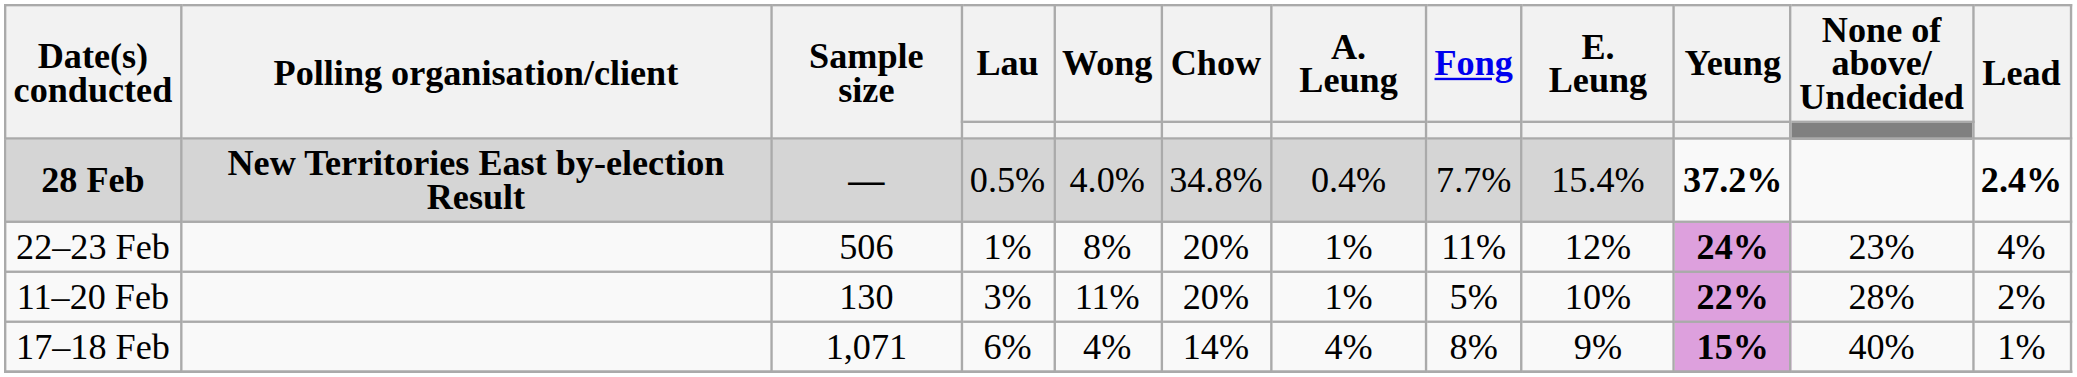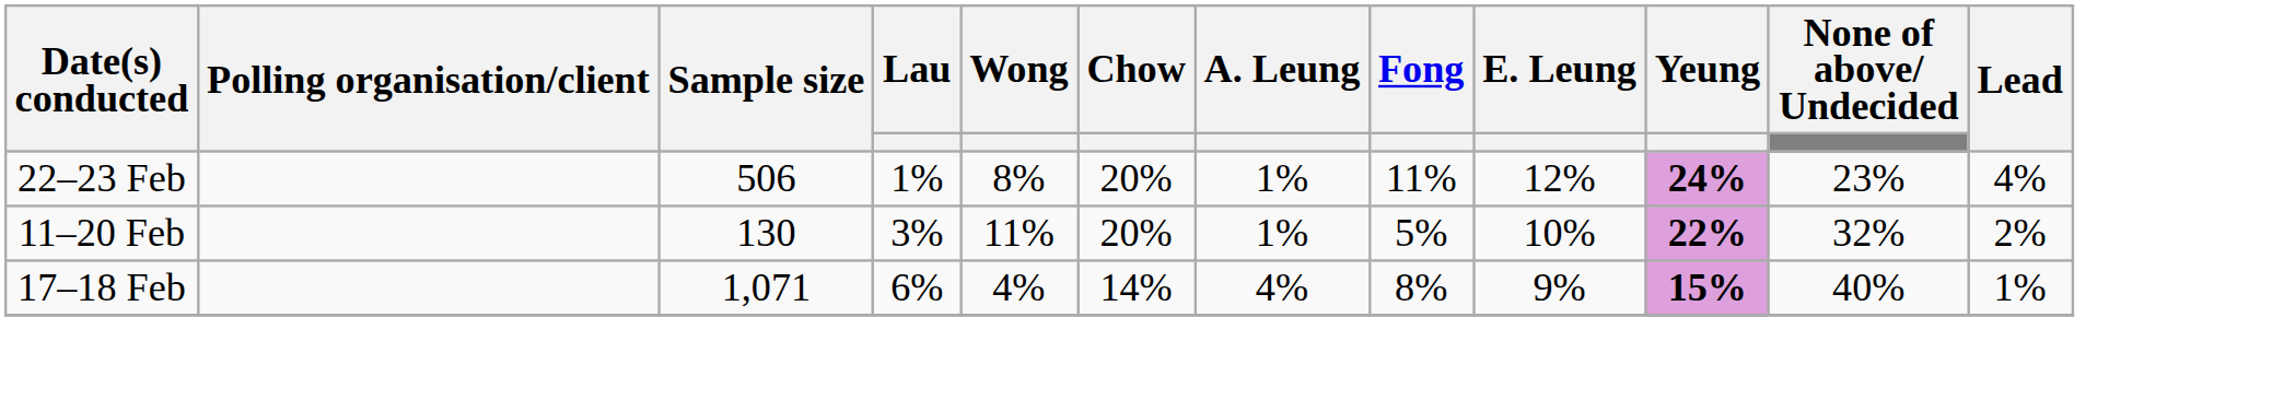 <table class="wikitable sortable" style="text-align:center;font-size:95%;line-height:14px">
 <tr>
 <th rowspan="2">Date(s)<br>conducted</th>
 <th rowspan="2">Polling organisation/client</th>
 <th rowspan="2">Sample size</th>
 <th>Lau</th>
 <th>Wong</th>
 <th>Chow</th>
 <th>A. Leung</th>
 <th><a href='#'><span>Fong</span></a></th>
 <th>E. Leung</th>
 <th>Yeung</th>
 <th>None of above/ Undecided</th>
 <th rowspan="2">Lead</th>
 </tr>
 <tr>
 <th class="unsortable" style="background:"></th>
 <th class="unsortable" style="background:"></th>
 <th class="unsortable" style="background:"></th>
 <th class="unsortable" style="background:"></th>
 <th class="unsortable" style="background:"></th>
 <th class="unsortable" style="background:"></th>
 <th class="unsortable" style="background:"></th>
 <th class="unsortable" style="background:gray; width:60px;"></th>
 </tr>
 <tr>
-<td style="background:#D5D5D5"><strong>28 Feb</strong></td>
-<td style="background:#D5D5D5"><strong>New Territories East by-election Result</strong></td>
-<th style="background:#D5D5D5"><strong>—</strong></th>
-<td style="background:#D5D5D5">0.5%</td>
-<td style="background:#D5D5D5">4.0%</td>
-<td style="background:#D5D5D5">34.8%</td>
-<td style="background:#D5D5D5">0.4%</td>
-<td style="background:#D5D5D5">7.7%</td>
-<td style="background:#D5D5D5">15.4%</td>
-<td style="background:"><strong>37.2%</strong></td>
-<td></td>
-<td style="background:"><strong>2.4%</strong></td>
-</tr>
-<tr>
 <td>22–23 Feb</td>
 <td></td>
 <td>506</td>
 <td>1%</td>
 <td>8%</td>
 <td>20%</td>
 <td>1%</td>
 <td>11%</td>
 <td>12%</td>
 <td style="background:plum"><strong>24%</strong></td>
 <td>23%</td>
 <td style="background:">4%</td>
 </tr>
 <tr>
 <td>11–20 Feb</td>
 <td></td>
 <td>130</td>
 <td>3%</td>
 <td>11%</td>
 <td>20%</td>
 <td>1%</td>
 <td>5%</td>
 <td>10%</td>
 <td style="background:plum"><strong>22%</strong></td>
-<td>28%</td>
+<td>32%</td>
 <td style="background:">2%</td>
 </tr>
 <tr>
 <td>17–18 Feb</td>
 <td></td>
 <td>1,071</td>
 <td>6%</td>
 <td>4%</td>
 <td>14%</td>
 <td>4%</td>
 <td>8%</td>
 <td>9%</td>
 <td style="background:plum"><strong>15%</strong></td>
 <td>40%</td>
 <td style="background:">1%</td>
 </tr>
 <tr>
 </tr>
 </table>
